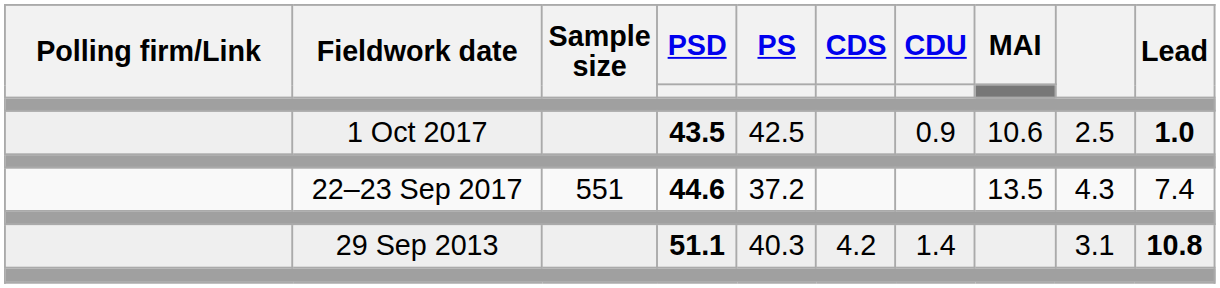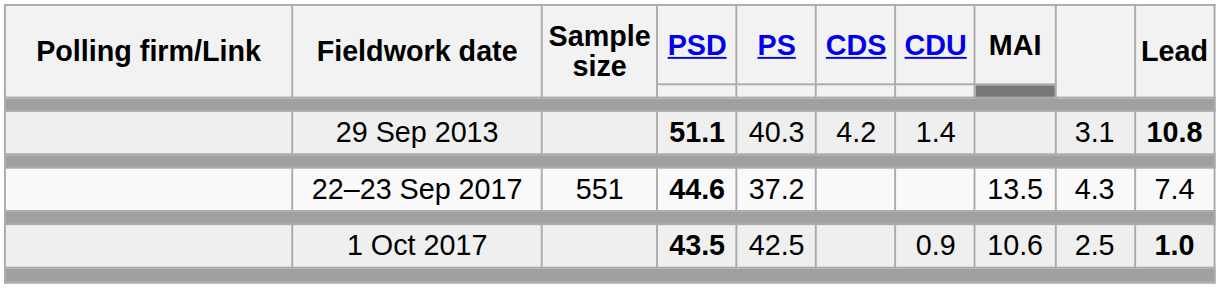 <table class="wikitable collapsible sortable" style="text-align:center; font-size:95%; line-height:16px;">
 <tr style="height:42px;">
 <th style="width:145px;" rowspan="2">Polling firm/Link</th>
 <th style="width:125px;" rowspan="2">Fieldwork date</th>
 <th class="unsortable" style="width:50px;" rowspan="2">Sample size</th>
 <th class="unsortable" style="width:35px;"><a href='#'>PSD</a></th>
 <th class="unsortable" style="width:35px;"><a href='#'>PS</a></th>
 <th class="unsortable" style="width:35px;"><a href='#'>CDS</a></th>
 <th class="unsortable" style="width:35px;"><a href='#'>CDU</a></th>
 <th class="unsortable" style="width:35px;">MAI</th>
 <th class="unsortable" style="width:35px;" rowspan="2"></th>
 <th class="unsortable" style="width:30px;" rowspan="2">Lead</th>
 </tr>
 <tr>
 <th class="unsortable" style="color:inherit;background:"></th>
 <th class="unsortable" style="color:inherit;background:"></th>
 <th class="unsortable" style="color:inherit;background:"></th>
 <th class="unsortable" style="color:inherit;background:"></th>
 <th class="unsortable" style="color:inherit;background:#777777;"></th>
 </tr>
 <tr>
 <td colspan="10" style="background:#A0A0A0"></td>
 </tr>
 <tr style="background:#EFEFEF;">
 <td><strong></strong></td>
-<td data-sort-value="2019-10-06">1 Oct 2017</td>
+<td data-sort-value="2019-10-06">29 Sep 2013</td>
 <td></td>
-<td><strong>43.5</strong><br></td>
-<td>42.5<br></td>
+<td><strong>51.1</strong><br></td>
+<td>40.3<br></td>
+<td>4.2<br></td>
+<td>1.4<br></td>
 <td></td>
-<td>0.9<br></td>
-<td>10.6<br></td>
-<td>2.5</td>
-<td style="background:"><strong>1.0</strong></td>
+<td>3.1</td>
+<td style="background:"><strong>10.8</strong></td>
 </tr>
 <tr>
 <td colspan="10" style="background:#A0A0A0"></td>
 </tr>
 <tr>
 <td align="center"></td>
 <td align="center">22–23 Sep 2017</td>
 <td>551</td>
 <td align="center" ><strong>44.6</strong></td>
 <td align="center">37.2</td>
 <td></td>
 <td></td>
 <td align="center">13.5</td>
 <td align="center">4.3</td>
 <td style="background:">7.4</td>
 </tr>
 <tr>
 <td colspan="10" style="background:#A0A0A0"></td>
 </tr>
 <tr style="background:#EFEFEF;">
 <td><strong></strong></td>
-<td data-sort-value="2019-10-06">29 Sep 2013</td>
+<td data-sort-value="2019-10-06">1 Oct 2017</td>
 <td></td>
-<td><strong>51.1</strong><br></td>
-<td>40.3<br></td>
-<td>4.2<br></td>
-<td>1.4<br></td>
+<td><strong>43.5</strong><br></td>
+<td>42.5<br></td>
 <td></td>
-<td>3.1</td>
-<td style="background:"><strong>10.8</strong></td>
+<td>0.9<br></td>
+<td>10.6<br></td>
+<td>2.5</td>
+<td style="background:"><strong>1.0</strong></td>
 </tr>
 <tr>
 <td colspan="10" style="background:#A0A0A0"></td>
 </tr>
 </table>
